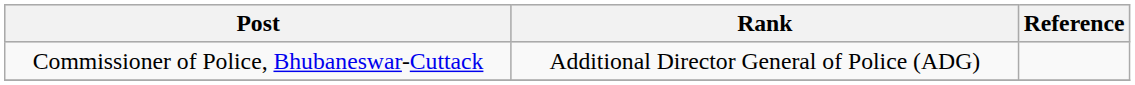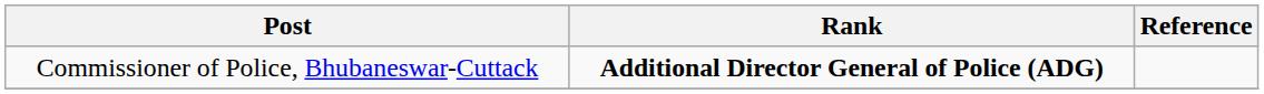 <table class="wikitable" style="text-align:center">
 <tr style="background:#cccccc">
 <th scope="col" style="width: 335px;">Post</th>
 <th scope="col" style="width: 335px;">Rank</th>
 <th scope="col" style="width: 30px;">Reference</th>
 </tr>
 <tr>
 <td>Commissioner of Police, <a href='#'>Bhubaneswar</a>-<a href='#'>Cuttack</a></td>
-<td>Additional Director General of Police (ADG)</td>
+<td><strong>Additional Director General of Police (ADG)</strong></td>
 <td></td>
 </tr>
 <tr>
 </tr>
 </table>
